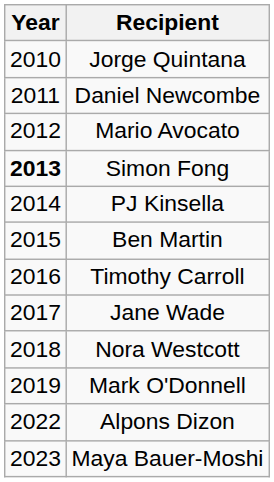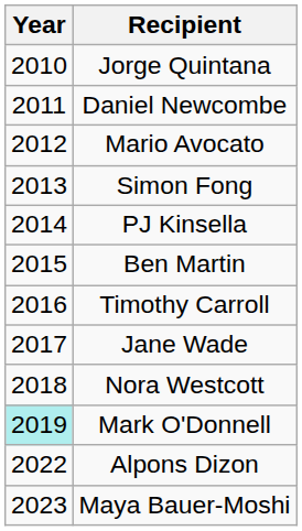 <table class="wikitable" style="text-align:center">
 <tr>
 <th>Year</th>
 <th>Recipient</th>
 </tr>
 <tr>
 <td>2010</td>
 <td>Jorge Quintana</td>
 </tr>
 <tr>
 <td>2011</td>
 <td>Daniel Newcombe</td>
 </tr>
 <tr>
 <td>2012</td>
 <td>Mario Avocato</td>
 </tr>
 <tr>
-<td><strong>2013</strong></td>
+<td>2013</td>
 <td>Simon Fong</td>
 </tr>
 <tr>
 <td>2014</td>
 <td>PJ Kinsella</td>
 </tr>
 <tr>
 <td>2015</td>
 <td>Ben Martin</td>
 </tr>
 <tr>
 <td>2016</td>
 <td>Timothy Carroll</td>
 </tr>
 <tr>
 <td>2017</td>
 <td>Jane Wade</td>
 </tr>
 <tr>
 <td>2018</td>
 <td>Nora Westcott</td>
 </tr>
 <tr>
-<td>2019</td>
+<td style="background: paleturquoise;">2019</td>
 <td>Mark O'Donnell</td>
 </tr>
 <tr>
 <td>2022</td>
 <td>Alpons Dizon</td>
 </tr>
 <tr>
 <td>2023</td>
 <td>Maya Bauer-Moshi</td>
 </tr>
 </table>
